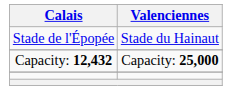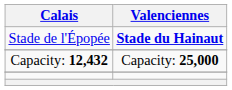 <table class="wikitable" style="margin:1em auto; text-align:center">
 <tr>
 <th><a href='#'>Calais</a></th>
 <th><a href='#'>Valenciennes</a></th>
 </tr>
 <tr>
 <td><a href='#'>Stade de l'Épopée</a></td>
-<td><a href='#'>Stade du Hainaut</a></td>
+<td><strong><a href='#'>Stade du Hainaut</a></strong></td>
 </tr>
 <tr>
 </tr>
 <tr>
 <td>Capacity: <strong>12,432</strong></td>
 <td>Capacity: <strong>25,000</strong></td>
 </tr>
 <tr>
 </tr>
 <tr>
 <td></td>
 <td></td>
 </tr>
 <tr>
 <th colspan=3></th>
 </tr>
 </table>
